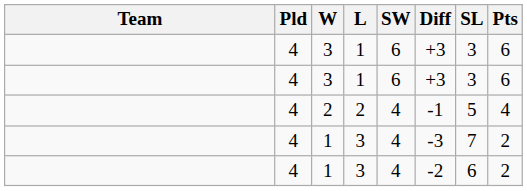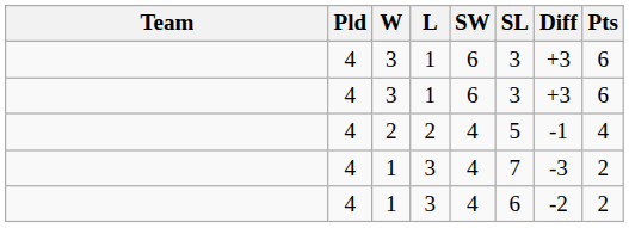 <table class=wikitable style="text-align:center">
 <tr>
 <th width=220>Team</th>
 <th width=20>Pld</th>
 <th width=20>W</th>
 <th width=20>L</th>
 <th width=20>SW</th>
+<th width=20>SL</th>
 <th width=20>Diff</th>
-<th width=20>SL</th>
 <th width=20>Pts</th>
 </tr>
 <tr>
 <td align=left></td>
 <td>4</td>
 <td>3</td>
 <td>1</td>
 <td>6</td>
+<td>3</td>
 <td>+3</td>
-<td>3</td>
 <td>6</td>
 </tr>
 <tr>
 <td align=left></td>
 <td>4</td>
 <td>3</td>
 <td>1</td>
 <td>6</td>
+<td>3</td>
 <td>+3</td>
-<td>3</td>
 <td>6</td>
 </tr>
 <tr>
 <td align=left></td>
 <td>4</td>
 <td>2</td>
 <td>2</td>
 <td>4</td>
+<td>5</td>
 <td>-1</td>
-<td>5</td>
 <td>4</td>
 </tr>
 <tr>
 <td align=left></td>
 <td>4</td>
 <td>1</td>
 <td>3</td>
 <td>4</td>
+<td>7</td>
 <td>-3</td>
-<td>7</td>
 <td>2</td>
 </tr>
 <tr>
 <td align=left></td>
 <td>4</td>
 <td>1</td>
 <td>3</td>
 <td>4</td>
+<td>6</td>
 <td>-2</td>
-<td>6</td>
 <td>2</td>
 </tr>
 </table>
